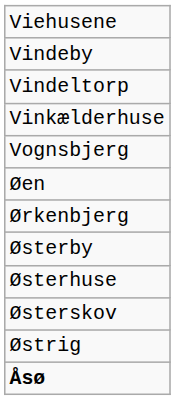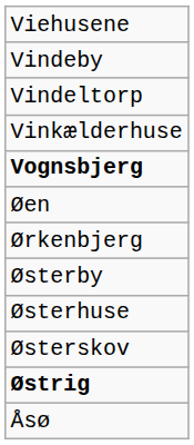 <table class="wikitable" style="float:left; margin-right:1em">
 <tr>
 <td>Viehusene</td>
 </tr>
 <tr>
 <td>Vindeby</td>
 </tr>
 <tr>
 <td>Vindeltorp</td>
 </tr>
 <tr>
 <td>Vinkælderhuse</td>
 </tr>
 <tr>
-<td>Vognsbjerg</td>
+<td><strong>Vognsbjerg</strong></td>
 </tr>
 <tr>
 <td>Øen</td>
 </tr>
 <tr>
 <td>Ørkenbjerg</td>
 </tr>
 <tr>
 <td>Østerby</td>
 </tr>
 <tr>
 <td>Østerhuse</td>
 </tr>
 <tr>
 <td>Østerskov</td>
 </tr>
 <tr>
-<td>Østrig</td>
+<td><strong>Østrig</strong></td>
 </tr>
 <tr>
-<td><strong>Åsø</strong></td>
+<td>Åsø</td>
 </tr>
 </table>
